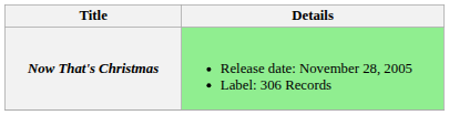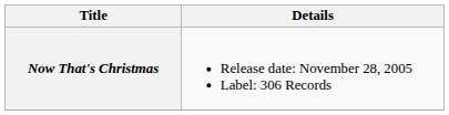 <table class="wikitable plainrowheaders">
 <tr>
 <th style="width:12em;">Title</th>
 <th style="width:18em;">Details</th>
 </tr>
 <tr>
 <th scope="row"><em>Now That's Christmas</em></th>
-<td style="background: lightgreen;"><br><ul><li>Release date: November 28, 2005</li><li>Label: 306 Records</li></ul></td>
+<td><br><ul><li>Release date: November 28, 2005</li><li>Label: 306 Records</li></ul></td>
 </tr>
 <tr>
 </tr>
 </table>
